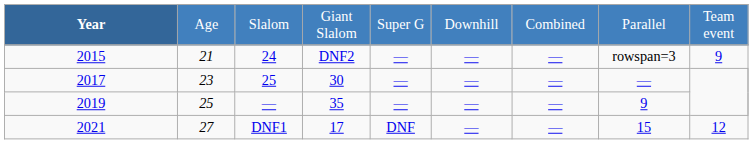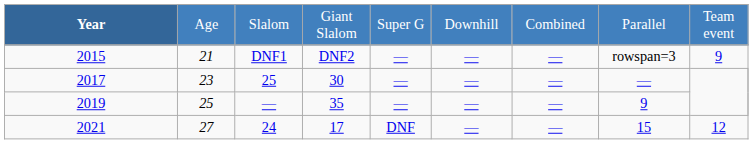 <table class="wikitable" style="font-size:95%; text-align:center; border:grey solid 1px; border-collapse:collapse;" width="50%">
 <tr style="background-color:#369; color:white;">
 <td rowspan="2" colspan="1" width="15%"><strong>Year</strong></td>
 </tr>
 <tr style="background-color:#4180be; color:white;">
 <td width="5%">Age</td>
 <td width="5%">Slalom</td>
 <td width="5%">Giant<br>Slalom</td>
 <td width="5%">Super G</td>
 <td width="5%">Downhill</td>
 <td width="5%">Combined</td>
 <td width="5%">Parallel</td>
 <td width="5%">Team event</td>
 </tr>
 <tr style="background-color:#8CB2D8; color:white;">
 </tr>
 <tr>
 <td><a href='#'>2015</a></td>
 <td><em>21</em></td>
-<td><a href='#'>24</a></td>
+<td><a href='#'>DNF1</a></td>
 <td><a href='#'>DNF2</a></td>
 <td><a href='#'>—</a></td>
 <td><a href='#'>—</a></td>
 <td><a href='#'>—</a></td>
 <td>rowspan=3 </td>
 <td><a href='#'>9</a></td>
 </tr>
 <tr>
 <td><a href='#'>2017</a></td>
 <td><em>23</em></td>
 <td><a href='#'>25</a></td>
 <td><a href='#'>30</a></td>
 <td><a href='#'>—</a></td>
 <td><a href='#'>—</a></td>
 <td><a href='#'>—</a></td>
 <td><a href='#'>—</a></td>
 </tr>
 <tr>
 <td><a href='#'>2019</a></td>
 <td><em>25</em></td>
 <td><a href='#'>—</a></td>
 <td><a href='#'>35</a></td>
 <td><a href='#'>—</a></td>
 <td><a href='#'>—</a></td>
 <td><a href='#'>—</a></td>
 <td><a href='#'>9</a></td>
 </tr>
 <tr>
 <td><a href='#'>2021</a></td>
 <td><em>27</em></td>
-<td><a href='#'>DNF1</a></td>
+<td><a href='#'>24</a></td>
 <td><a href='#'>17</a></td>
 <td><a href='#'>DNF</a></td>
 <td><a href='#'>—</a></td>
 <td><a href='#'>—</a></td>
 <td><a href='#'>15</a></td>
 <td><a href='#'>12</a></td>
 </tr>
 </table>
